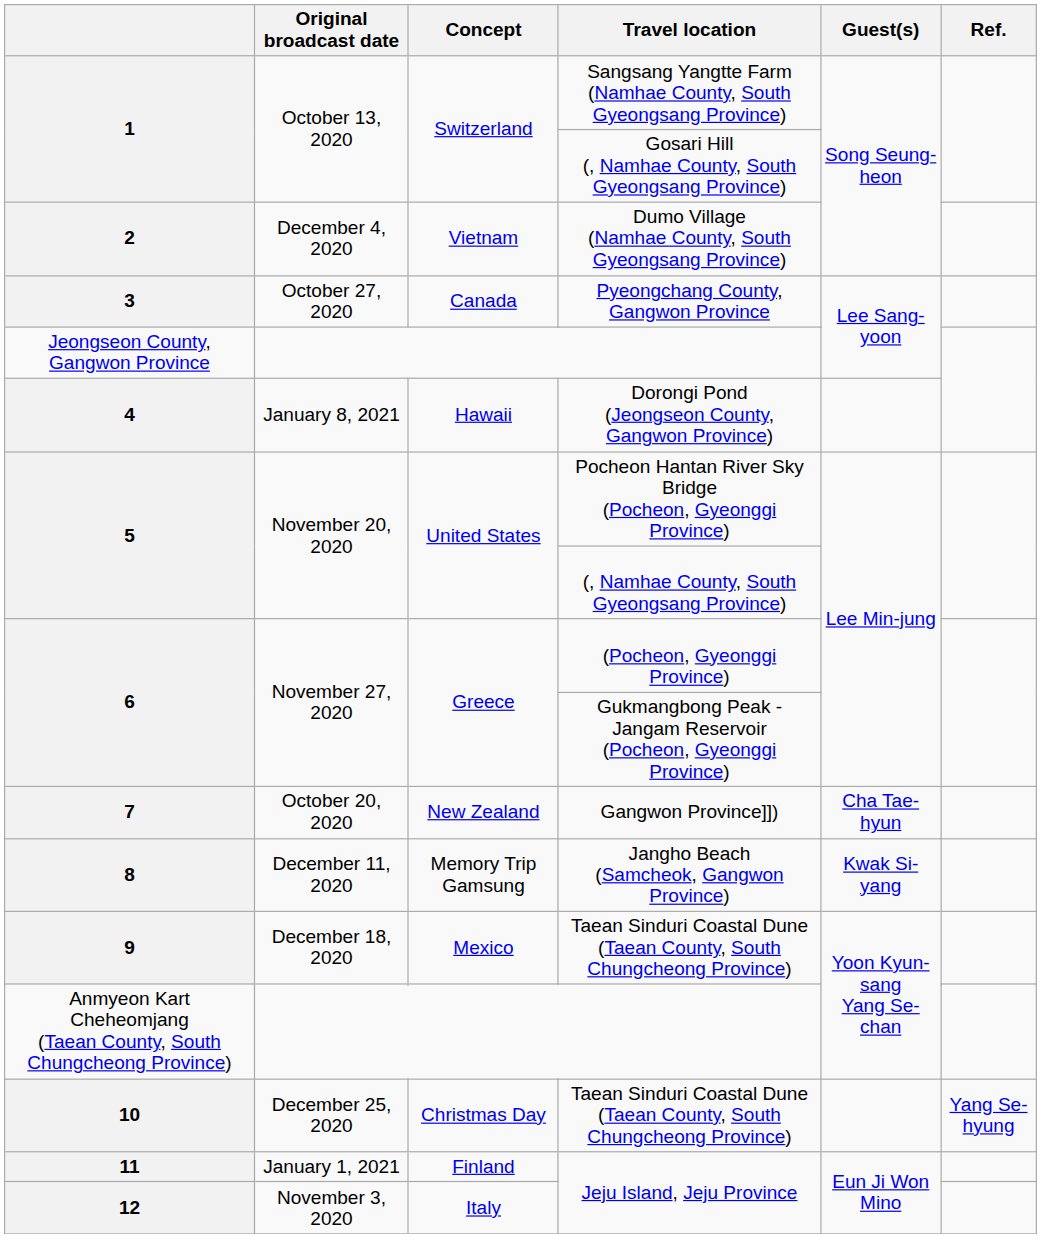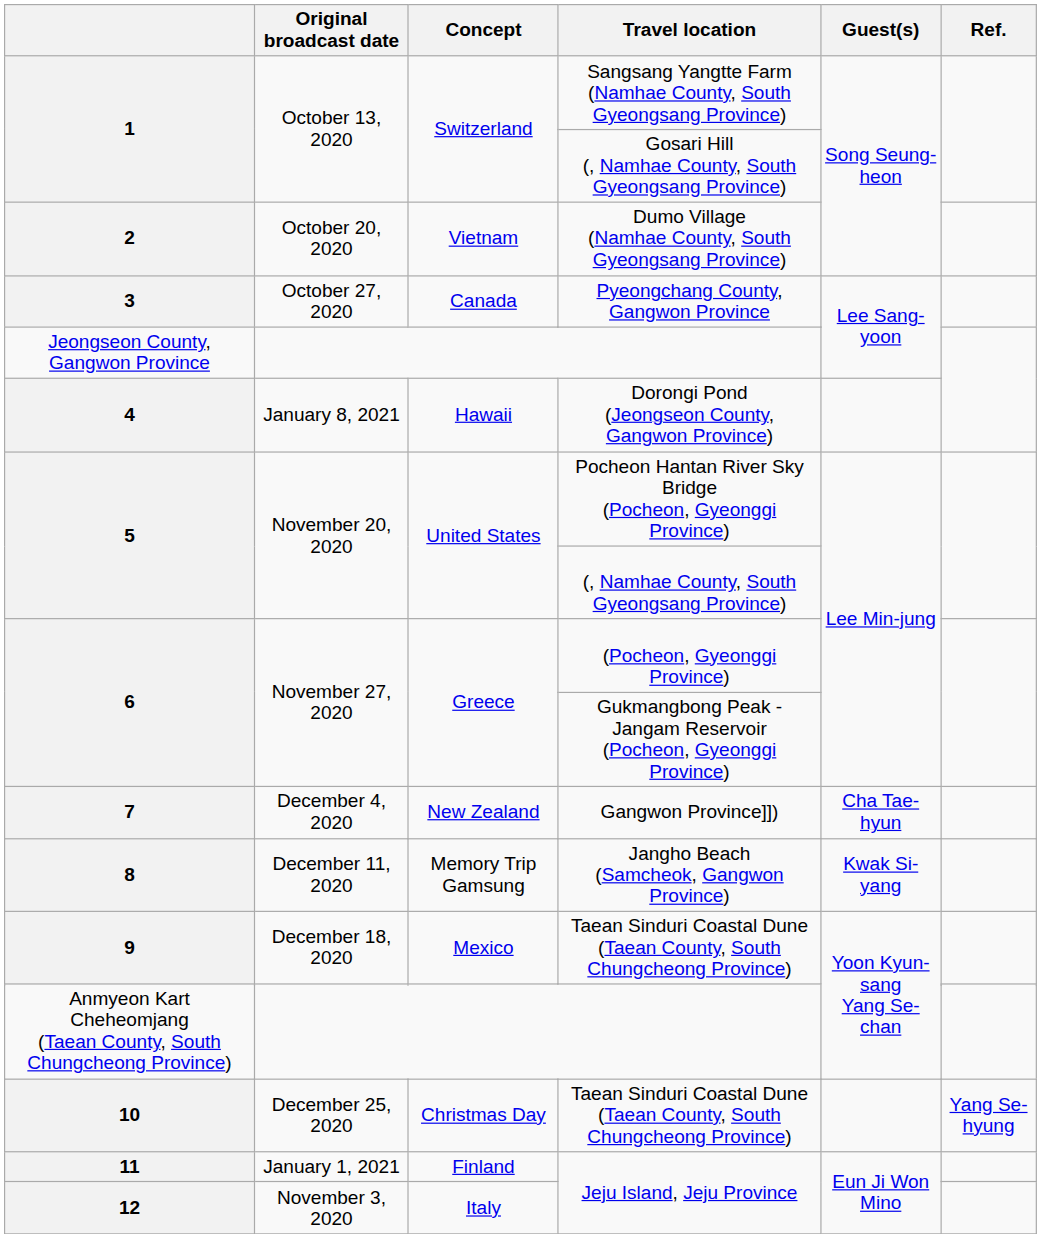 <table class="wikitable" style="text-align:center">
 <tr>
 <th></th>
 <th>Original broadcast date</th>
 <th>Concept</th>
 <th>Travel location</th>
 <th>Guest(s)</th>
 <th>Ref.</th>
 </tr>
 <tr>
 <th rowspan=2>1</th>
 <td rowspan=2>October 13, 2020</td>
 <td rowspan=2><a href='#'>Switzerland</a></td>
 <td>Sangsang Yangtte Farm<br>(<a href='#'>Namhae County</a>, <a href='#'>South Gyeongsang Province</a>)</td>
 <td rowspan=3><a href='#'>Song Seung-heon</a></td>
 <td rowspan=2></td>
 </tr>
 <tr>
 <td>Gosari Hill<br>(, <a href='#'>Namhae County</a>, <a href='#'>South Gyeongsang Province</a>)</td>
 </tr>
 <tr>
 <th>2</th>
-<td>December 4, 2020</td>
+<td>October 20, 2020</td>
 <td><a href='#'>Vietnam</a></td>
 <td>Dumo Village<br>(<a href='#'>Namhae County</a>, <a href='#'>South Gyeongsang Province</a>)</td>
 <td></td>
 </tr>
 <tr>
 <th rowspan=2>3</th>
 <td rowspan=2>October 27, 2020</td>
 <td rowspan=2><a href='#'>Canada</a></td>
 <td><a href='#'>Pyeongchang County</a>, <a href='#'>Gangwon Province</a></td>
 <td rowspan=3><a href='#'>Lee Sang-yoon</a><br></td>
 <td rowspan=2></td>
 </tr>
 <tr>
 </tr>
 <tr>
 <td><a href='#'>Jeongseon County</a>, <a href='#'>Gangwon Province</a></td>
 </tr>
 <tr>
 <th>4</th>
 <td>January 8, 2021</td>
 <td><a href='#'>Hawaii</a></td>
 <td>Dorongi Pond<br>(<a href='#'>Jeongseon County</a>, <a href='#'>Gangwon Province</a>)</td>
 <td></td>
 </tr>
 <tr>
 <th rowspan=2>5</th>
 <td rowspan=2>November 20, 2020</td>
 <td rowspan=2><a href='#'>United States</a></td>
 <td>Pocheon Hantan River Sky Bridge<br>(<a href='#'>Pocheon</a>, <a href='#'>Gyeonggi Province</a>)</td>
 <td rowspan=4><a href='#'>Lee Min-jung</a></td>
 <td rowspan=2></td>
 </tr>
 <tr>
 <td><br>(, <a href='#'>Namhae County</a>, <a href='#'>South Gyeongsang Province</a>)</td>
 </tr>
 <tr>
 <th rowspan=2>6</th>
 <td rowspan=2>November 27, 2020</td>
 <td rowspan=2><a href='#'>Greece</a></td>
 <td><br>(<a href='#'>Pocheon</a>, <a href='#'>Gyeonggi Province</a>)</td>
 <td rowspan=2></td>
 </tr>
 <tr>
 <td>Gukmangbong Peak - Jangam Reservoir<br>(<a href='#'>Pocheon</a>, <a href='#'>Gyeonggi Province</a>)</td>
 </tr>
 <tr>
 <th>7</th>
-<td>October 20, 2020</td>
+<td>December 4, 2020</td>
 <td><a href='#'>New Zealand</a></td>
 <td Yonghwa Beach>Gangwon Province]])</td>
 <td rowspan=2><a href='#'>Cha Tae-hyun</a></td>
 <td></td>
 </tr>
 <tr>
 <th rowspan=2>8</th>
 <td rowspan=2>December 11, 2020</td>
 <td rowspan=2>Memory Trip Gamsung</td>
 <td rowspan=2>Jangho Beach<br>(<a href='#'>Samcheok</a>, <a href='#'>Gangwon Province</a>)</td>
 <td rowspan=2></td>
 </tr>
 <tr>
 <td><a href='#'>Kwak Si-yang</a></td>
 </tr>
 <tr>
 <th rowspan=2>9</th>
 <td rowspan=2>December 18, 2020</td>
 <td rowspan=2><a href='#'>Mexico</a></td>
 <td>Taean Sinduri Coastal Dune<br>(<a href='#'>Taean County</a>, <a href='#'>South Chungcheong Province</a>)</td>
 <td rowspan=3><a href='#'>Yoon Kyun-sang</a><br><a href='#'>Yang Se-chan</a><br></td>
 <td rowspan=2></td>
 </tr>
 <tr>
 </tr>
 <tr>
 <td>Anmyeon Kart Cheheomjang<br>(<a href='#'>Taean County</a>, <a href='#'>South Chungcheong Province</a>)</td>
 </tr>
 <tr>
 <th rowspan=2>10</th>
 <td rowspan=2>December 25, 2020</td>
 <td rowspan=2><a href='#'>Christmas Day</a></td>
 <td rowspan=2>Taean Sinduri Coastal Dune<br>(<a href='#'>Taean County</a>, <a href='#'>South Chungcheong Province</a>)</td>
 <td rowspan=2></td>
 </tr>
 <tr>
 <td><a href='#'>Yang Se-hyung</a></td>
 </tr>
 <tr>
 <th>11</th>
 <td>January 1, 2021</td>
 <td><a href='#'>Finland</a></td>
 <td rowspan=2><a href='#'>Jeju Island</a>, <a href='#'>Jeju Province</a></td>
 <td rowspan="2"><a href='#'>Eun Ji Won</a><br><a href='#'>Mino</a></td>
 <td></td>
 </tr>
 <tr>
 <th>12</th>
 <td>November 3, 2020</td>
 <td><a href='#'>Italy</a></td>
 <td></td>
 </tr>
 </table>
